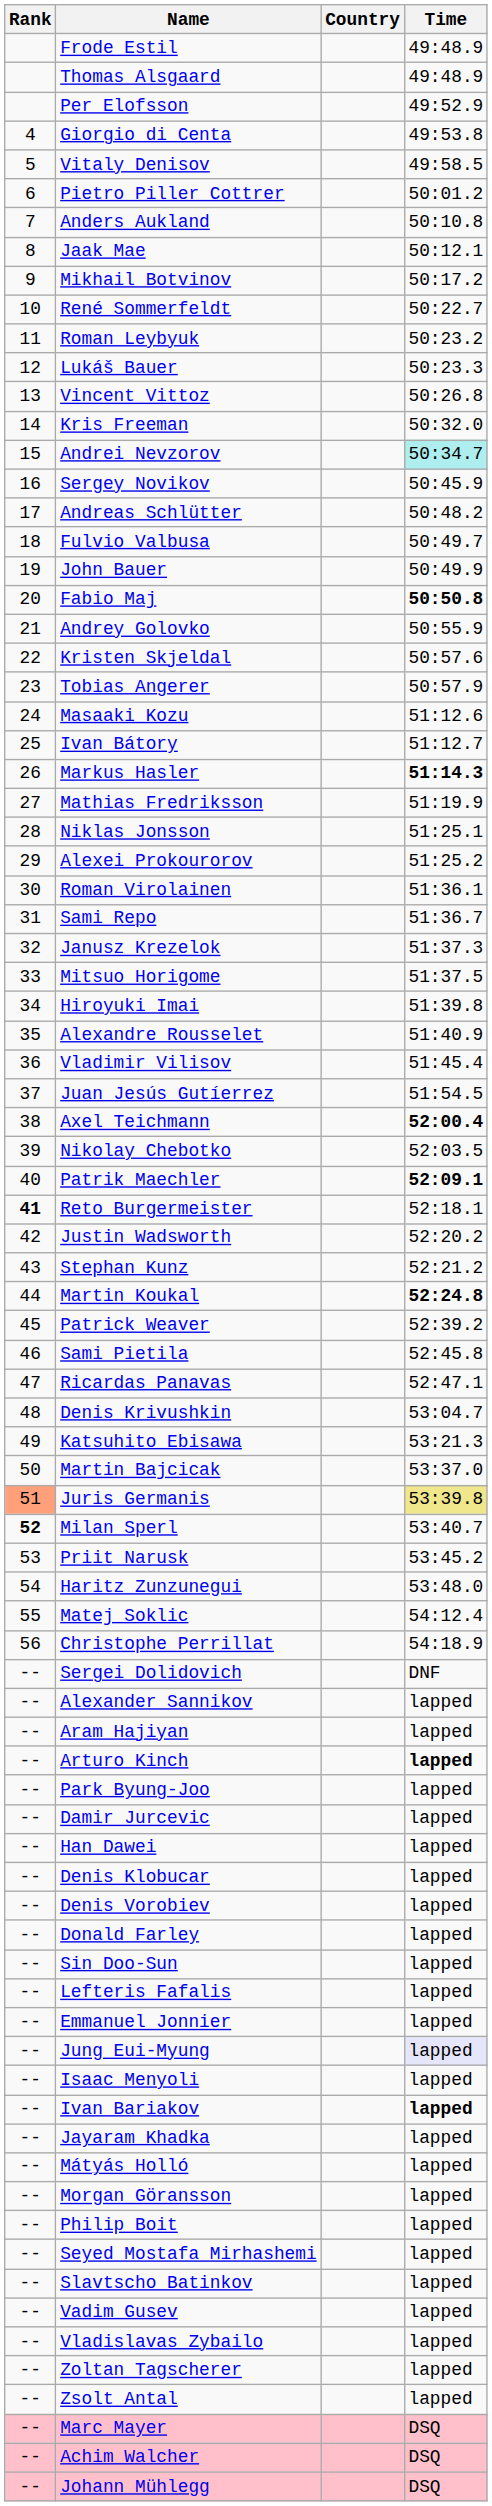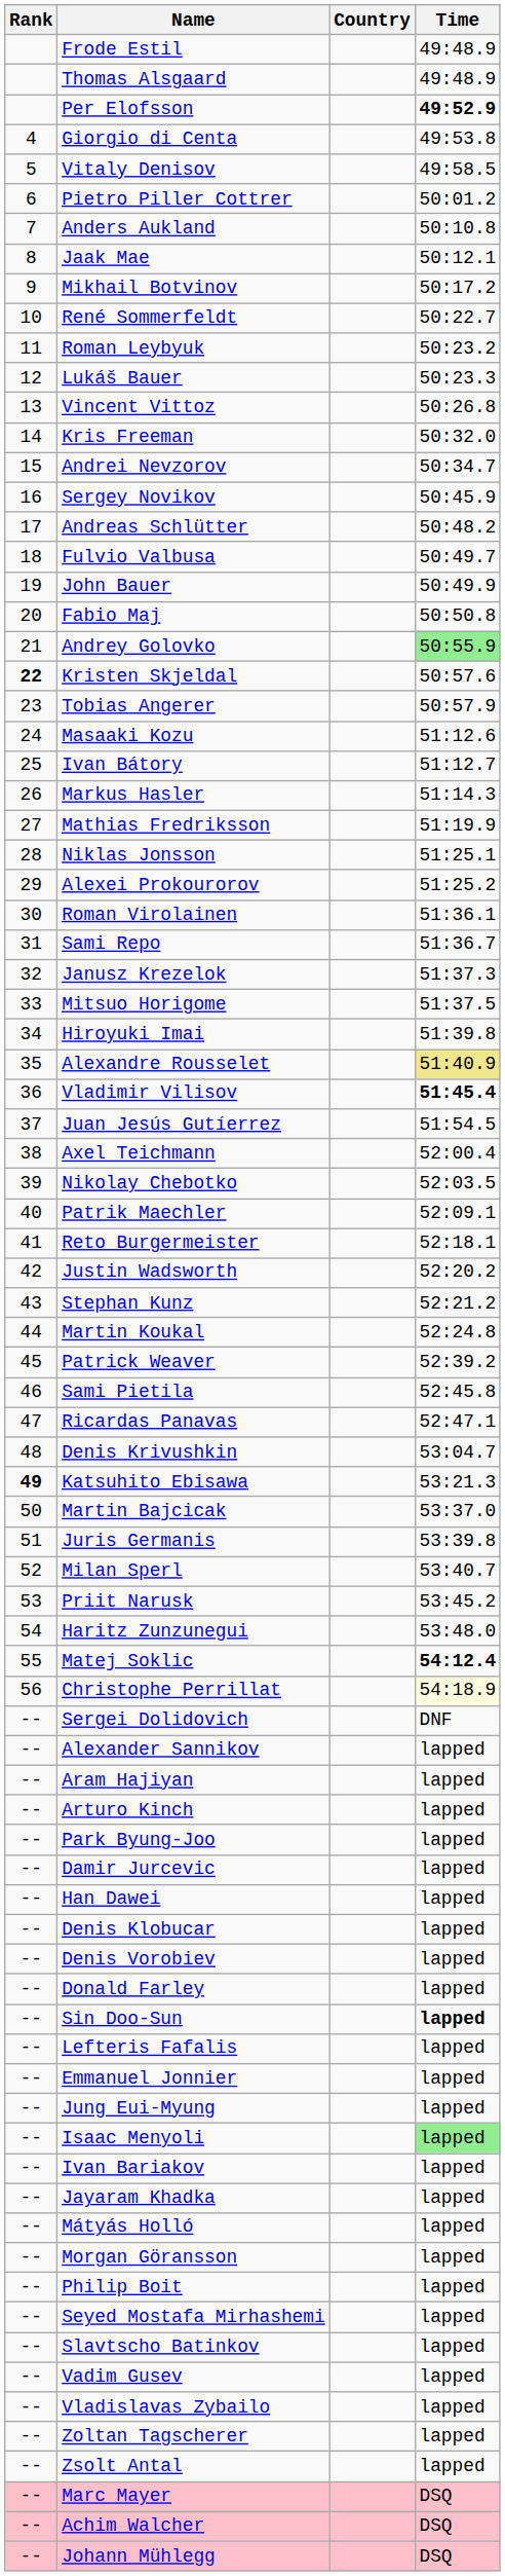 <table class="wikitable sortable" style="text-align:left”">
 <tr>
 <th>Rank</th>
 <th>Name</th>
 <th>Country</th>
 <th>Time</th>
 </tr>
 <tr>
 <td align="center"></td>
 <td><a href='#'>Frode Estil</a></td>
 <td></td>
 <td>49:48.9</td>
 </tr>
 <tr>
 <td align="center"></td>
 <td><a href='#'>Thomas Alsgaard</a></td>
 <td></td>
 <td>49:48.9</td>
 </tr>
 <tr>
 <td align="center"></td>
 <td><a href='#'>Per Elofsson</a></td>
 <td></td>
-<td>49:52.9</td>
+<td><strong>49:52.9</strong></td>
 </tr>
 <tr>
 <td align="center">4</td>
 <td><a href='#'>Giorgio di Centa</a></td>
 <td></td>
 <td>49:53.8</td>
 </tr>
 <tr>
 <td align="center">5</td>
 <td><a href='#'>Vitaly Denisov</a></td>
 <td></td>
 <td>49:58.5</td>
 </tr>
 <tr>
 <td align="center">6</td>
 <td><a href='#'>Pietro Piller Cottrer</a></td>
 <td></td>
 <td>50:01.2</td>
 </tr>
 <tr>
 <td align="center">7</td>
 <td><a href='#'>Anders Aukland</a></td>
 <td></td>
 <td>50:10.8</td>
 </tr>
 <tr>
 <td align="center">8</td>
 <td><a href='#'>Jaak Mae</a></td>
 <td></td>
 <td>50:12.1</td>
 </tr>
 <tr>
 <td align="center">9</td>
 <td><a href='#'>Mikhail Botvinov</a></td>
 <td></td>
 <td>50:17.2</td>
 </tr>
 <tr>
 <td align="center">10</td>
 <td><a href='#'>René Sommerfeldt</a></td>
 <td></td>
 <td>50:22.7</td>
 </tr>
 <tr>
 <td align="center">11</td>
 <td><a href='#'>Roman Leybyuk</a></td>
 <td></td>
 <td>50:23.2</td>
 </tr>
 <tr>
 <td align="center">12</td>
 <td><a href='#'>Lukáš Bauer</a></td>
 <td></td>
 <td>50:23.3</td>
 </tr>
 <tr>
 <td align="center">13</td>
 <td><a href='#'>Vincent Vittoz</a></td>
 <td></td>
 <td>50:26.8</td>
 </tr>
 <tr>
 <td align="center">14</td>
 <td><a href='#'>Kris Freeman</a></td>
 <td></td>
 <td>50:32.0</td>
 </tr>
 <tr>
 <td align="center">15</td>
 <td><a href='#'>Andrei Nevzorov</a></td>
 <td></td>
-<td style="background: paleturquoise;">50:34.7</td>
+<td>50:34.7</td>
 </tr>
 <tr>
 <td align="center">16</td>
 <td><a href='#'>Sergey Novikov</a></td>
 <td></td>
 <td>50:45.9</td>
 </tr>
 <tr>
 <td align="center">17</td>
 <td><a href='#'>Andreas Schlütter</a></td>
 <td></td>
 <td>50:48.2</td>
 </tr>
 <tr>
 <td align="center">18</td>
 <td><a href='#'>Fulvio Valbusa</a></td>
 <td></td>
 <td>50:49.7</td>
 </tr>
 <tr>
 <td align="center">19</td>
 <td><a href='#'>John Bauer</a></td>
 <td></td>
 <td>50:49.9</td>
 </tr>
 <tr>
 <td align="center">20</td>
 <td><a href='#'>Fabio Maj</a></td>
 <td></td>
-<td><strong>50:50.8</strong></td>
+<td>50:50.8</td>
 </tr>
 <tr>
 <td align="center">21</td>
 <td><a href='#'>Andrey Golovko</a></td>
 <td></td>
-<td>50:55.9</td>
+<td style="background: lightgreen;">50:55.9</td>
 </tr>
 <tr>
-<td align="center">22</td>
+<td align="center"><strong>22</strong></td>
 <td><a href='#'>Kristen Skjeldal</a></td>
 <td></td>
 <td>50:57.6</td>
 </tr>
 <tr>
 <td align="center">23</td>
 <td><a href='#'>Tobias Angerer</a></td>
 <td></td>
 <td>50:57.9</td>
 </tr>
 <tr>
 <td align="center">24</td>
 <td><a href='#'>Masaaki Kozu</a></td>
 <td></td>
 <td>51:12.6</td>
 </tr>
 <tr>
 <td align="center">25</td>
 <td><a href='#'>Ivan Bátory</a></td>
 <td></td>
 <td>51:12.7</td>
 </tr>
 <tr>
 <td align="center">26</td>
 <td><a href='#'>Markus Hasler</a></td>
 <td></td>
-<td><strong>51:14.3</strong></td>
+<td>51:14.3</td>
 </tr>
 <tr>
 <td align="center">27</td>
 <td><a href='#'>Mathias Fredriksson</a></td>
 <td></td>
 <td>51:19.9</td>
 </tr>
 <tr>
 <td align="center">28</td>
 <td><a href='#'>Niklas Jonsson</a></td>
 <td></td>
 <td>51:25.1</td>
 </tr>
 <tr>
 <td align="center">29</td>
 <td><a href='#'>Alexei Prokourorov</a></td>
 <td></td>
 <td>51:25.2</td>
 </tr>
 <tr>
 <td align="center">30</td>
 <td><a href='#'>Roman Virolainen</a></td>
 <td></td>
 <td>51:36.1</td>
 </tr>
 <tr>
 <td align="center">31</td>
 <td><a href='#'>Sami Repo</a></td>
 <td></td>
 <td>51:36.7</td>
 </tr>
 <tr>
 <td align="center">32</td>
 <td><a href='#'>Janusz Krezelok</a></td>
 <td></td>
 <td>51:37.3</td>
 </tr>
 <tr>
 <td align="center">33</td>
 <td><a href='#'>Mitsuo Horigome</a></td>
 <td></td>
 <td>51:37.5</td>
 </tr>
 <tr>
 <td align="center">34</td>
 <td><a href='#'>Hiroyuki Imai</a></td>
 <td></td>
 <td>51:39.8</td>
 </tr>
 <tr>
 <td align="center">35</td>
 <td><a href='#'>Alexandre Rousselet</a></td>
 <td></td>
-<td>51:40.9</td>
+<td style="background: khaki;">51:40.9</td>
 </tr>
 <tr>
 <td align="center">36</td>
 <td><a href='#'>Vladimir Vilisov</a></td>
 <td></td>
-<td>51:45.4</td>
+<td><strong>51:45.4</strong></td>
 </tr>
 <tr>
 <td align="center">37</td>
 <td><a href='#'>Juan Jesús Gutíerrez</a></td>
 <td></td>
 <td>51:54.5</td>
 </tr>
 <tr>
 <td align="center">38</td>
 <td><a href='#'>Axel Teichmann</a></td>
 <td></td>
-<td><strong>52:00.4</strong></td>
+<td>52:00.4</td>
 </tr>
 <tr>
 <td align="center">39</td>
 <td><a href='#'>Nikolay Chebotko</a></td>
 <td></td>
 <td>52:03.5</td>
 </tr>
 <tr>
 <td align="center">40</td>
 <td><a href='#'>Patrik Maechler</a></td>
 <td></td>
-<td><strong>52:09.1</strong></td>
+<td>52:09.1</td>
 </tr>
 <tr>
-<td align="center"><strong>41</strong></td>
+<td align="center">41</td>
 <td><a href='#'>Reto Burgermeister</a></td>
 <td></td>
 <td>52:18.1</td>
 </tr>
 <tr>
 <td align="center">42</td>
 <td><a href='#'>Justin Wadsworth</a></td>
 <td></td>
 <td>52:20.2</td>
 </tr>
 <tr>
 <td align="center">43</td>
 <td><a href='#'>Stephan Kunz</a></td>
 <td></td>
 <td>52:21.2</td>
 </tr>
 <tr>
 <td align="center">44</td>
 <td><a href='#'>Martin Koukal</a></td>
 <td></td>
-<td><strong>52:24.8</strong></td>
+<td>52:24.8</td>
 </tr>
 <tr>
 <td align="center">45</td>
 <td><a href='#'>Patrick Weaver</a></td>
 <td></td>
 <td>52:39.2</td>
 </tr>
 <tr>
 <td align="center">46</td>
 <td><a href='#'>Sami Pietila</a></td>
 <td></td>
 <td>52:45.8</td>
 </tr>
 <tr>
 <td align="center">47</td>
 <td><a href='#'>Ricardas Panavas</a></td>
 <td></td>
 <td>52:47.1</td>
 </tr>
 <tr>
 <td align="center">48</td>
 <td><a href='#'>Denis Krivushkin</a></td>
 <td></td>
 <td>53:04.7</td>
 </tr>
 <tr>
-<td align="center">49</td>
+<td align="center"><strong>49</strong></td>
 <td><a href='#'>Katsuhito Ebisawa</a></td>
 <td></td>
 <td>53:21.3</td>
 </tr>
 <tr>
 <td align="center">50</td>
 <td><a href='#'>Martin Bajcicak</a></td>
 <td></td>
 <td>53:37.0</td>
 </tr>
 <tr>
-<td align="center" style="background: lightsalmon;">51</td>
+<td align="center">51</td>
 <td><a href='#'>Juris Germanis</a></td>
 <td></td>
-<td style="background: khaki;">53:39.8</td>
+<td>53:39.8</td>
 </tr>
 <tr>
-<td align="center"><strong>52</strong></td>
+<td align="center">52</td>
 <td><a href='#'>Milan Sperl</a></td>
 <td></td>
 <td>53:40.7</td>
 </tr>
 <tr>
 <td align="center">53</td>
 <td><a href='#'>Priit Narusk</a></td>
 <td></td>
 <td>53:45.2</td>
 </tr>
 <tr>
 <td align="center">54</td>
 <td><a href='#'>Haritz Zunzunegui</a></td>
 <td></td>
 <td>53:48.0</td>
 </tr>
 <tr>
 <td align="center">55</td>
 <td><a href='#'>Matej Soklic</a></td>
 <td></td>
-<td>54:12.4</td>
+<td><strong>54:12.4</strong></td>
 </tr>
 <tr>
 <td align="center">56</td>
 <td><a href='#'>Christophe Perrillat</a></td>
 <td></td>
-<td>54:18.9</td>
+<td style="background: lightyellow;">54:18.9</td>
 </tr>
 <tr>
 <td align="center">--</td>
 <td><a href='#'>Sergei Dolidovich</a></td>
 <td></td>
 <td>DNF</td>
 </tr>
 <tr>
 <td align="center">--</td>
 <td><a href='#'>Alexander Sannikov</a></td>
 <td></td>
 <td>lapped</td>
 </tr>
 <tr>
 <td align="center">--</td>
 <td><a href='#'>Aram Hajiyan</a></td>
 <td></td>
 <td>lapped</td>
 </tr>
 <tr>
 <td align="center">--</td>
 <td><a href='#'>Arturo Kinch</a></td>
 <td></td>
-<td><strong>lapped</strong></td>
+<td>lapped</td>
 </tr>
 <tr>
 <td align="center">--</td>
 <td><a href='#'>Park Byung-Joo</a></td>
 <td></td>
 <td>lapped</td>
 </tr>
 <tr>
 <td align="center">--</td>
 <td><a href='#'>Damir Jurcevic</a></td>
 <td></td>
 <td>lapped</td>
 </tr>
 <tr>
 <td align="center">--</td>
 <td><a href='#'>Han Dawei</a></td>
 <td></td>
 <td>lapped</td>
 </tr>
 <tr>
 <td align="center">--</td>
 <td><a href='#'>Denis Klobucar</a></td>
 <td></td>
 <td>lapped</td>
 </tr>
 <tr>
 <td align="center">--</td>
 <td><a href='#'>Denis Vorobiev</a></td>
 <td></td>
 <td>lapped</td>
 </tr>
 <tr>
 <td align="center">--</td>
 <td><a href='#'>Donald Farley</a></td>
 <td></td>
 <td>lapped</td>
 </tr>
 <tr>
 <td align="center">--</td>
 <td><a href='#'>Sin Doo-Sun</a></td>
 <td></td>
-<td>lapped</td>
+<td><strong>lapped</strong></td>
 </tr>
 <tr>
 <td align="center">--</td>
 <td><a href='#'>Lefteris Fafalis</a></td>
 <td></td>
 <td>lapped</td>
 </tr>
 <tr>
 <td align="center">--</td>
 <td><a href='#'>Emmanuel Jonnier</a></td>
 <td></td>
 <td>lapped</td>
 </tr>
 <tr>
 <td align="center">--</td>
 <td><a href='#'>Jung Eui-Myung</a></td>
 <td></td>
-<td style="background: lavender;">lapped</td>
+<td>lapped</td>
 </tr>
 <tr>
 <td align="center">--</td>
 <td><a href='#'>Isaac Menyoli</a></td>
 <td></td>
-<td>lapped</td>
+<td style="background: lightgreen;">lapped</td>
 </tr>
 <tr>
 <td align="center">--</td>
 <td><a href='#'>Ivan Bariakov</a></td>
 <td></td>
-<td><strong>lapped</strong></td>
+<td>lapped</td>
 </tr>
 <tr>
 <td align="center">--</td>
 <td><a href='#'>Jayaram Khadka</a></td>
 <td></td>
 <td>lapped</td>
 </tr>
 <tr>
 <td align="center">--</td>
 <td><a href='#'>Mátyás Holló</a></td>
 <td></td>
 <td>lapped</td>
 </tr>
 <tr>
 <td align="center">--</td>
 <td><a href='#'>Morgan Göransson</a></td>
 <td></td>
 <td>lapped</td>
 </tr>
 <tr>
 <td align="center">--</td>
 <td><a href='#'>Philip Boit</a></td>
 <td></td>
 <td>lapped</td>
 </tr>
 <tr>
 <td align="center">--</td>
 <td><a href='#'>Seyed Mostafa Mirhashemi</a></td>
 <td></td>
 <td>lapped</td>
 </tr>
 <tr>
 <td align="center">--</td>
 <td><a href='#'>Slavtscho Batinkov</a></td>
 <td></td>
 <td>lapped</td>
 </tr>
 <tr>
 <td align="center">--</td>
 <td><a href='#'>Vadim Gusev</a></td>
 <td></td>
 <td>lapped</td>
 </tr>
 <tr>
 <td align="center">--</td>
 <td><a href='#'>Vladislavas Zybailo</a></td>
 <td></td>
 <td>lapped</td>
 </tr>
 <tr>
 <td align="center">--</td>
 <td><a href='#'>Zoltan Tagscherer</a></td>
 <td></td>
 <td>lapped</td>
 </tr>
 <tr>
 <td align="center">--</td>
 <td><a href='#'>Zsolt Antal</a></td>
 <td></td>
 <td>lapped</td>
 </tr>
 <tr bgcolor=pink>
 <td align="center">--</td>
 <td><a href='#'>Marc Mayer</a></td>
 <td></td>
 <td>DSQ</td>
 </tr>
 <tr bgcolor=pink>
 <td align="center">--</td>
 <td><a href='#'>Achim Walcher</a></td>
 <td></td>
 <td>DSQ</td>
 </tr>
 <tr bgcolor=pink>
 <td align="center">--</td>
 <td><a href='#'>Johann Mühlegg</a></td>
 <td></td>
 <td>DSQ</td>
 </tr>
 </table>
